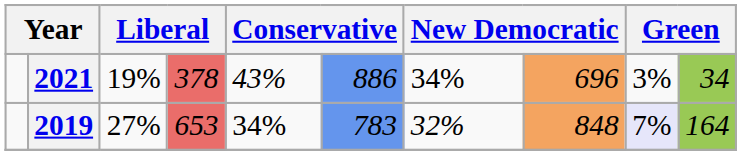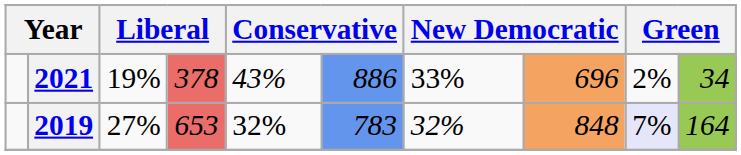 <table class="wikitable" style="width:400; font-size:90%; margin-left:1em;">
 <tr>
 <th colspan="2" scope="col">Year</th>
 <th colspan="2" scope="col"><a href='#'>Liberal</a></th>
 <th colspan="2" scope="col"><a href='#'>Conservative</a></th>
 <th colspan="2" scope="col"><a href='#'>New Democratic</a></th>
 <th colspan="2" scope="col"><a href='#'>Green</a></th>
 </tr>
 <tr>
 <td style="width: 0.25em; background-color: "></td>
 <th><a href='#'>2021</a></th>
 <td>19%</td>
 <td style="text-align:right; background:#EA6D6A;"><em>378</em></td>
 <td><em>43%</em></td>
 <td style="text-align:right; background:#6495ED;"><em>886</em></td>
-<td>34%</td>
+<td>33%</td>
 <td style="text-align:right; background:#F4A460;"><em>696</em></td>
-<td>3%</td>
+<td>2%</td>
 <td style="text-align:right; background:#99C955;"><em>34</em></td>
 </tr>
 <tr>
 <td style="width: 0.25em; background-color: "></td>
 <th><a href='#'>2019</a></th>
 <td>27%</td>
 <td style="text-align:right; background:#EA6D6A;"><em>653</em></td>
-<td>34%</td>
+<td>32%</td>
 <td style="text-align:right; background:#6495ED;"><em>783</em></td>
 <td><em>32%</em></td>
 <td style="text-align:right; background:#F4A460;"><em>848</em></td>
 <td style="background: lavender;">7%</td>
 <td style="text-align:right; background:#99C955;"><em>164</em></td>
 </tr>
 <tr>
 </tr>
 </table>
